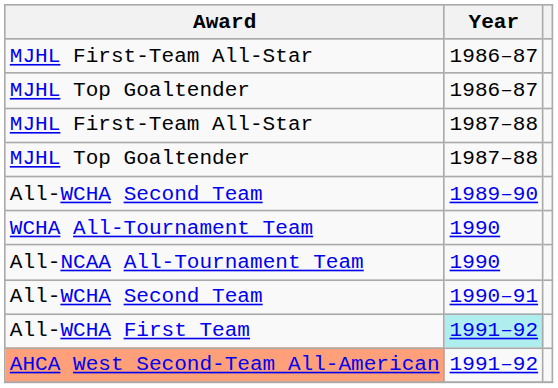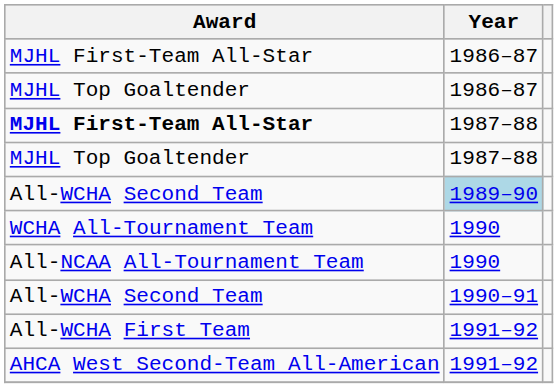 <table class="wikitable">
 <tr>
 <th>Award</th>
 <th>Year</th>
 <th></th>
 </tr>
 <tr>
 <td><a href='#'>MJHL</a> First-Team All-Star</td>
 <td>1986–87</td>
 <td></td>
 </tr>
 <tr>
 <td><a href='#'>MJHL</a> Top Goaltender</td>
 <td>1986–87</td>
 <td></td>
 </tr>
 <tr>
-<td><a href='#'>MJHL</a> First-Team All-Star</td>
+<td><strong><a href='#'>MJHL</a> First-Team All-Star</strong></td>
 <td>1987–88</td>
 <td></td>
 </tr>
 <tr>
 <td><a href='#'>MJHL</a> Top Goaltender</td>
 <td>1987–88</td>
 <td></td>
 </tr>
 <tr>
 <td>All-<a href='#'>WCHA</a> <a href='#'>Second Team</a></td>
-<td><a href='#'>1989–90</a></td>
+<td style="background: lightblue;"><a href='#'>1989–90</a></td>
 <td></td>
 </tr>
 <tr>
 <td><a href='#'>WCHA</a> <a href='#'>All-Tournament Team</a></td>
 <td><a href='#'>1990</a></td>
 <td></td>
 </tr>
 <tr>
 <td>All-<a href='#'>NCAA</a> <a href='#'>All-Tournament Team</a></td>
 <td><a href='#'>1990</a></td>
 <td></td>
 </tr>
 <tr>
 <td>All-<a href='#'>WCHA</a> <a href='#'>Second Team</a></td>
 <td><a href='#'>1990–91</a></td>
 <td></td>
 </tr>
 <tr>
 <td>All-<a href='#'>WCHA</a> <a href='#'>First Team</a></td>
-<td style="background: paleturquoise;"><a href='#'>1991–92</a></td>
+<td><a href='#'>1991–92</a></td>
 <td></td>
 </tr>
 <tr>
-<td style="background: lightsalmon;"><a href='#'>AHCA</a> <a href='#'>West Second-Team All-American</a></td>
+<td><a href='#'>AHCA</a> <a href='#'>West Second-Team All-American</a></td>
 <td><a href='#'>1991–92</a></td>
 <td></td>
 </tr>
 <tr>
 </tr>
 </table>
